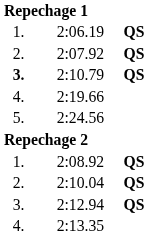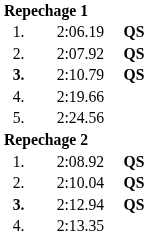 <table style="text-align:center">
 <tr>
 <td colspan=4 align=left><strong>Repechage 1</strong></td>
 </tr>
 <tr>
 <td width=30>1.</td>
 <td align=left></td>
 <td width=80>2:06.19</td>
 <td><strong>QS</strong></td>
 </tr>
 <tr>
 <td>2.</td>
 <td align=left></td>
 <td>2:07.92</td>
 <td><strong>QS</strong></td>
 </tr>
 <tr>
 <td><strong>3.</strong></td>
 <td align=left></td>
 <td>2:10.79</td>
 <td><strong>QS</strong></td>
 </tr>
 <tr>
 <td>4.</td>
 <td align=left></td>
 <td>2:19.66</td>
 <td></td>
 </tr>
 <tr>
 <td>5.</td>
 <td align=left></td>
 <td>2:24.56</td>
 <td></td>
 </tr>
 <tr>
 <td colspan=4 align=left><strong>Repechage 2</strong></td>
 </tr>
 <tr>
 <td>1.</td>
 <td align=left></td>
 <td>2:08.92</td>
 <td><strong>QS</strong></td>
 </tr>
 <tr>
 <td>2.</td>
 <td align=left></td>
 <td>2:10.04</td>
 <td><strong>QS</strong></td>
 </tr>
 <tr>
-<td>3.</td>
+<td><strong>3.</strong></td>
 <td align=left></td>
 <td>2:12.94</td>
 <td><strong>QS</strong></td>
 </tr>
 <tr>
 <td>4.</td>
 <td align=left></td>
 <td>2:13.35</td>
 <td></td>
 </tr>
 </table>
